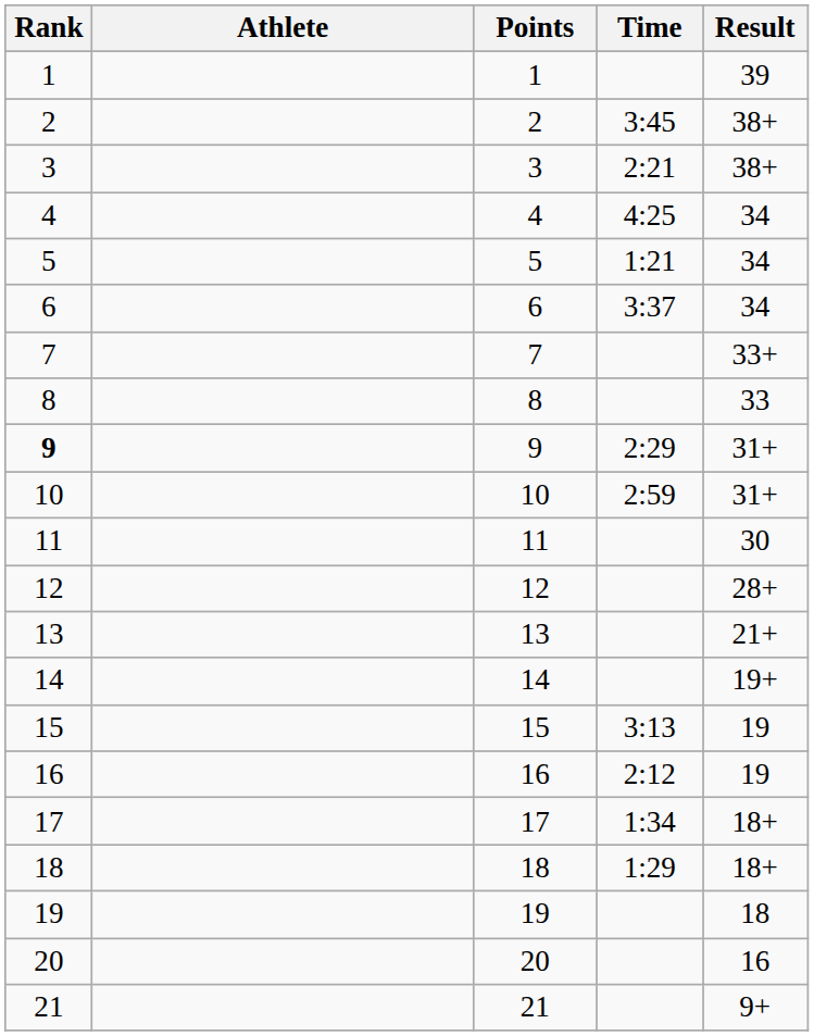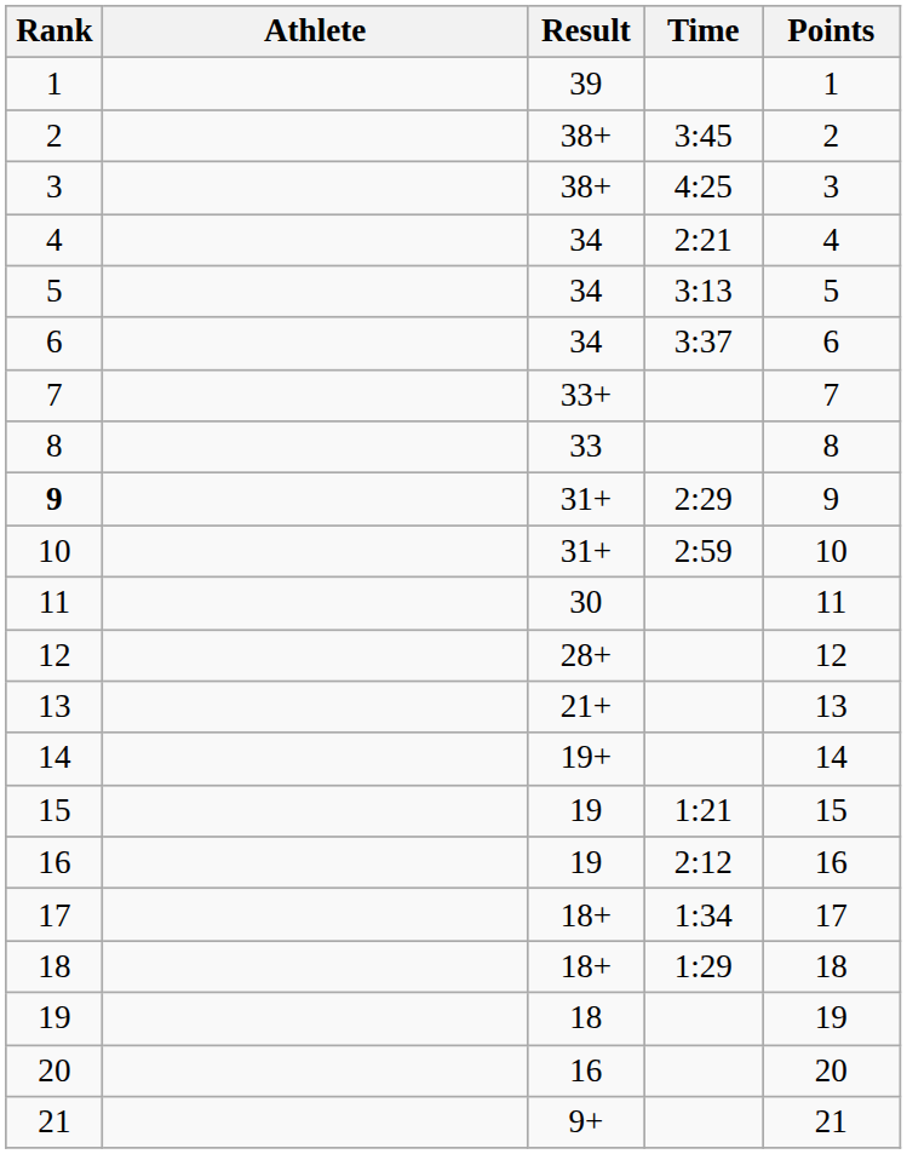 <table class="wikitable" style="text-align:center">
 <tr>
 <th width=40>Rank</th>
 <th width=200>Athlete</th>
+<th width=50>Result</th>
+<th width=50>Time</th>
 <th width=60>Points</th>
-<th width=50>Time</th>
-<th width=50>Result</th>
 </tr>
 <tr>
 <td>1</td>
 <td align=left></td>
+<td>39</td>
+<td></td>
 <td>1</td>
-<td></td>
-<td>39</td>
 </tr>
 <tr>
 <td>2</td>
 <td align=left></td>
+<td>38+</td>
+<td>3:45</td>
 <td>2</td>
-<td>3:45</td>
-<td>38+</td>
 </tr>
 <tr>
 <td>3</td>
 <td align=left></td>
+<td>38+</td>
+<td>4:25</td>
 <td>3</td>
-<td>2:21</td>
-<td>38+</td>
 </tr>
 <tr>
 <td>4</td>
 <td align=left></td>
+<td>34</td>
+<td>2:21</td>
 <td>4</td>
-<td>4:25</td>
-<td>34</td>
 </tr>
 <tr>
 <td>5</td>
 <td align=left></td>
+<td>34</td>
+<td>3:13</td>
 <td>5</td>
-<td>1:21</td>
-<td>34</td>
 </tr>
 <tr>
 <td>6</td>
 <td align=left></td>
+<td>34</td>
+<td>3:37</td>
 <td>6</td>
-<td>3:37</td>
-<td>34</td>
 </tr>
 <tr>
 <td>7</td>
 <td align=left></td>
+<td>33+</td>
+<td></td>
 <td>7</td>
-<td></td>
-<td>33+</td>
 </tr>
 <tr>
 <td>8</td>
 <td align=left></td>
+<td>33</td>
+<td></td>
 <td>8</td>
-<td></td>
-<td>33</td>
 </tr>
 <tr>
 <td><strong>9</strong></td>
 <td align=left></td>
+<td>31+</td>
+<td>2:29</td>
 <td>9</td>
-<td>2:29</td>
-<td>31+</td>
 </tr>
 <tr>
 <td>10</td>
 <td align=left></td>
+<td>31+</td>
+<td>2:59</td>
 <td>10</td>
-<td>2:59</td>
-<td>31+</td>
 </tr>
 <tr>
 <td>11</td>
 <td align=left></td>
+<td>30</td>
+<td></td>
 <td>11</td>
-<td></td>
-<td>30</td>
 </tr>
 <tr>
 <td>12</td>
 <td align=left></td>
+<td>28+</td>
+<td></td>
 <td>12</td>
-<td></td>
-<td>28+</td>
 </tr>
 <tr>
 <td>13</td>
 <td align=left></td>
+<td>21+</td>
+<td></td>
 <td>13</td>
-<td></td>
-<td>21+</td>
 </tr>
 <tr>
 <td>14</td>
 <td align=left></td>
+<td>19+</td>
+<td></td>
 <td>14</td>
-<td></td>
-<td>19+</td>
 </tr>
 <tr>
 <td>15</td>
 <td align=left></td>
+<td>19</td>
+<td>1:21</td>
 <td>15</td>
-<td>3:13</td>
-<td>19</td>
 </tr>
 <tr>
 <td>16</td>
 <td align=left></td>
+<td>19</td>
+<td>2:12</td>
 <td>16</td>
-<td>2:12</td>
-<td>19</td>
 </tr>
 <tr>
 <td>17</td>
 <td align=left></td>
+<td>18+</td>
+<td>1:34</td>
 <td>17</td>
-<td>1:34</td>
-<td>18+</td>
 </tr>
 <tr>
 <td>18</td>
 <td align=left></td>
+<td>18+</td>
+<td>1:29</td>
 <td>18</td>
-<td>1:29</td>
-<td>18+</td>
 </tr>
 <tr>
 <td>19</td>
 <td align=left></td>
+<td>18</td>
+<td></td>
 <td>19</td>
-<td></td>
-<td>18</td>
 </tr>
 <tr>
 <td>20</td>
 <td align=left></td>
+<td>16</td>
+<td></td>
 <td>20</td>
-<td></td>
-<td>16</td>
 </tr>
 <tr>
 <td>21</td>
 <td align=left></td>
+<td>9+</td>
+<td></td>
 <td>21</td>
-<td></td>
-<td>9+</td>
 </tr>
 </table>
